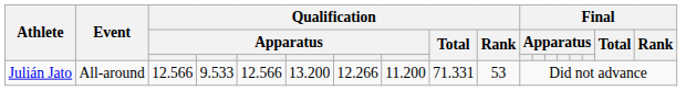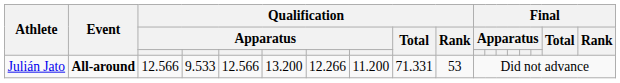 <table class="wikitable" style="font-size:90%; text-align:center">
 <tr>
 <th rowspan="3">Athlete</th>
 <th rowspan="3">Event</th>
 <th colspan="8">Qualification</th>
 <th colspan="8">Final</th>
 </tr>
 <tr>
 <th colspan="6">Apparatus</th>
 <th rowspan="2">Total</th>
 <th rowspan="2">Rank</th>
 <th colspan="6">Apparatus</th>
 <th rowspan="2">Total</th>
 <th rowspan="2">Rank</th>
 </tr>
 <tr>
 <th></th>
 <th></th>
 <th></th>
 <th></th>
 <th></th>
 <th></th>
 <th></th>
 <th></th>
 <th></th>
 <th></th>
 <th></th>
 <th></th>
 </tr>
 <tr>
 <td align="left"><a href='#'>Julián Jato</a></td>
-<td align="left">All-around</td>
+<td align="left"><strong>All-around</strong></td>
 <td>12.566</td>
 <td>9.533</td>
 <td>12.566</td>
 <td>13.200</td>
 <td>12.266</td>
 <td>11.200</td>
 <td>71.331</td>
 <td>53</td>
 <td colspan="8">Did not advance</td>
 </tr>
 </table>
